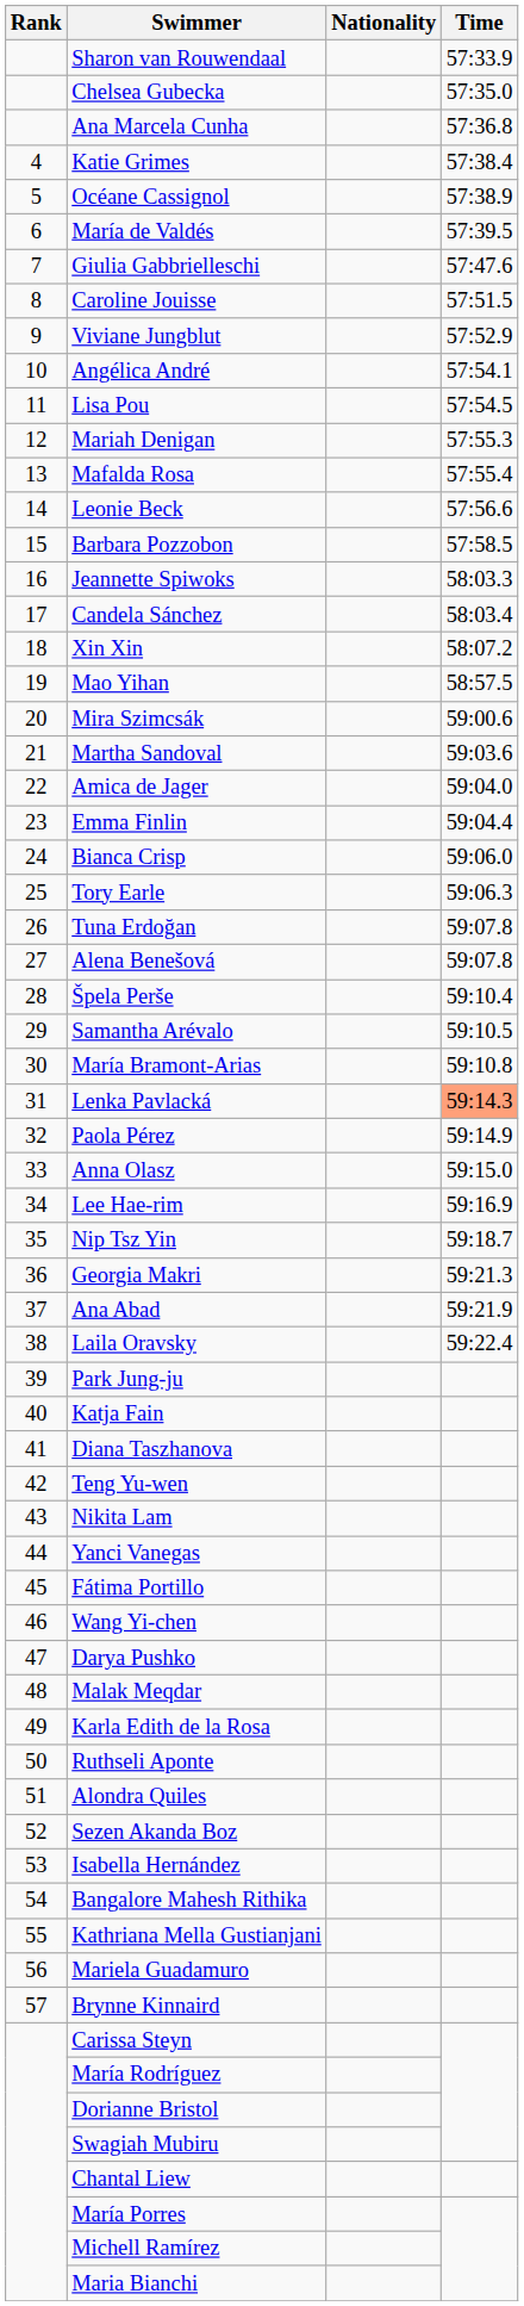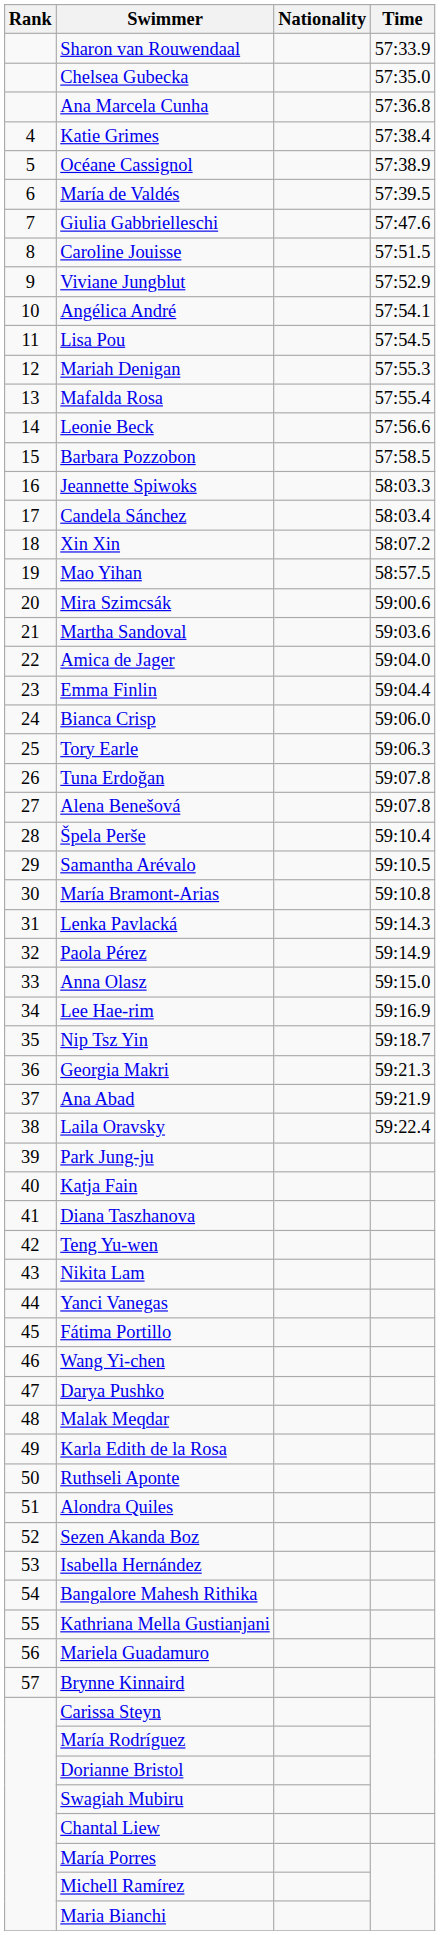 <table class="wikitable sortable" style="text-align:center">
 <tr>
 <th>Rank</th>
 <th>Swimmer</th>
 <th>Nationality</th>
 <th>Time</th>
 </tr>
 <tr>
 <td></td>
 <td align=left><a href='#'>Sharon van Rouwendaal</a></td>
 <td align=left></td>
 <td>57:33.9</td>
 </tr>
 <tr>
 <td></td>
 <td align=left><a href='#'>Chelsea Gubecka</a></td>
 <td align=left></td>
 <td>57:35.0</td>
 </tr>
 <tr>
 <td></td>
 <td align=left><a href='#'>Ana Marcela Cunha</a></td>
 <td align=left></td>
 <td>57:36.8</td>
 </tr>
 <tr>
 <td>4</td>
 <td align=left><a href='#'>Katie Grimes</a></td>
 <td align=left></td>
 <td>57:38.4</td>
 </tr>
 <tr>
 <td>5</td>
 <td align=left><a href='#'>Océane Cassignol</a></td>
 <td align=left></td>
 <td>57:38.9</td>
 </tr>
 <tr>
 <td>6</td>
 <td align=left><a href='#'>María de Valdés</a></td>
 <td align=left></td>
 <td>57:39.5</td>
 </tr>
 <tr>
 <td>7</td>
 <td align=left><a href='#'>Giulia Gabbrielleschi</a></td>
 <td align=left></td>
 <td>57:47.6</td>
 </tr>
 <tr>
 <td>8</td>
 <td align=left><a href='#'>Caroline Jouisse</a></td>
 <td align=left></td>
 <td>57:51.5</td>
 </tr>
 <tr>
 <td>9</td>
 <td align=left><a href='#'>Viviane Jungblut</a></td>
 <td align=left></td>
 <td>57:52.9</td>
 </tr>
 <tr>
 <td>10</td>
 <td align=left><a href='#'>Angélica André</a></td>
 <td align=left></td>
 <td>57:54.1</td>
 </tr>
 <tr>
 <td>11</td>
 <td align=left><a href='#'>Lisa Pou</a></td>
 <td align=left></td>
 <td>57:54.5</td>
 </tr>
 <tr>
 <td>12</td>
 <td align=left><a href='#'>Mariah Denigan</a></td>
 <td align=left></td>
 <td>57:55.3</td>
 </tr>
 <tr>
 <td>13</td>
 <td align=left><a href='#'>Mafalda Rosa</a></td>
 <td align=left></td>
 <td>57:55.4</td>
 </tr>
 <tr>
 <td>14</td>
 <td align=left><a href='#'>Leonie Beck</a></td>
 <td align=left></td>
 <td>57:56.6</td>
 </tr>
 <tr>
 <td>15</td>
 <td align=left><a href='#'>Barbara Pozzobon</a></td>
 <td align=left></td>
 <td>57:58.5</td>
 </tr>
 <tr>
 <td>16</td>
 <td align=left><a href='#'>Jeannette Spiwoks</a></td>
 <td align=left></td>
 <td>58:03.3</td>
 </tr>
 <tr>
 <td>17</td>
 <td align=left><a href='#'>Candela Sánchez</a></td>
 <td align=left></td>
 <td>58:03.4</td>
 </tr>
 <tr>
 <td>18</td>
 <td align=left><a href='#'>Xin Xin</a></td>
 <td align=left></td>
 <td>58:07.2</td>
 </tr>
 <tr>
 <td>19</td>
 <td align=left><a href='#'>Mao Yihan</a></td>
 <td align=left></td>
 <td>58:57.5</td>
 </tr>
 <tr>
 <td>20</td>
 <td align=left><a href='#'>Mira Szimcsák</a></td>
 <td align=left></td>
 <td>59:00.6</td>
 </tr>
 <tr>
 <td>21</td>
 <td align=left><a href='#'>Martha Sandoval</a></td>
 <td align=left></td>
 <td>59:03.6</td>
 </tr>
 <tr>
 <td>22</td>
 <td align=left><a href='#'>Amica de Jager</a></td>
 <td align=left></td>
 <td>59:04.0</td>
 </tr>
 <tr>
 <td>23</td>
 <td align=left><a href='#'>Emma Finlin</a></td>
 <td align=left></td>
 <td>59:04.4</td>
 </tr>
 <tr>
 <td>24</td>
 <td align=left><a href='#'>Bianca Crisp</a></td>
 <td align=left></td>
 <td>59:06.0</td>
 </tr>
 <tr>
 <td>25</td>
 <td align=left><a href='#'>Tory Earle</a></td>
 <td align=left></td>
 <td>59:06.3</td>
 </tr>
 <tr>
 <td>26</td>
 <td align=left><a href='#'>Tuna Erdoğan</a></td>
 <td align=left></td>
 <td>59:07.8</td>
 </tr>
 <tr>
 <td>27</td>
 <td align=left><a href='#'>Alena Benešová</a></td>
 <td align=left></td>
 <td>59:07.8</td>
 </tr>
 <tr>
 <td>28</td>
 <td align=left><a href='#'>Špela Perše</a></td>
 <td align=left></td>
 <td>59:10.4</td>
 </tr>
 <tr>
 <td>29</td>
 <td align=left><a href='#'>Samantha Arévalo</a></td>
 <td align=left></td>
 <td>59:10.5</td>
 </tr>
 <tr>
 <td>30</td>
 <td align=left><a href='#'>María Bramont-Arias</a></td>
 <td align=left></td>
 <td>59:10.8</td>
 </tr>
 <tr>
 <td>31</td>
 <td align=left><a href='#'>Lenka Pavlacká</a></td>
 <td align=left></td>
-<td style="background: lightsalmon;">59:14.3</td>
+<td>59:14.3</td>
 </tr>
 <tr>
 <td>32</td>
 <td align=left><a href='#'>Paola Pérez</a></td>
 <td align=left></td>
 <td>59:14.9</td>
 </tr>
 <tr>
 <td>33</td>
 <td align=left><a href='#'>Anna Olasz</a></td>
 <td align=left></td>
 <td>59:15.0</td>
 </tr>
 <tr>
 <td>34</td>
 <td align=left><a href='#'>Lee Hae-rim</a></td>
 <td align=left></td>
 <td>59:16.9</td>
 </tr>
 <tr>
 <td>35</td>
 <td align=left><a href='#'>Nip Tsz Yin</a></td>
 <td align=left></td>
 <td>59:18.7</td>
 </tr>
 <tr>
 <td>36</td>
 <td align=left><a href='#'>Georgia Makri</a></td>
 <td align=left></td>
 <td>59:21.3</td>
 </tr>
 <tr>
 <td>37</td>
 <td align=left><a href='#'>Ana Abad</a></td>
 <td align=left></td>
 <td>59:21.9</td>
 </tr>
 <tr>
 <td>38</td>
 <td align=left><a href='#'>Laila Oravsky</a></td>
 <td align=left></td>
 <td>59:22.4</td>
 </tr>
 <tr>
 <td>39</td>
 <td align=left><a href='#'>Park Jung-ju</a></td>
 <td align=left></td>
 <td></td>
 </tr>
 <tr>
 <td>40</td>
 <td align=left><a href='#'>Katja Fain</a></td>
 <td align=left></td>
 <td></td>
 </tr>
 <tr>
 <td>41</td>
 <td align=left><a href='#'>Diana Taszhanova</a></td>
 <td align=left></td>
 <td></td>
 </tr>
 <tr>
 <td>42</td>
 <td align=left><a href='#'>Teng Yu-wen</a></td>
 <td align=left></td>
 <td></td>
 </tr>
 <tr>
 <td>43</td>
 <td align=left><a href='#'>Nikita Lam</a></td>
 <td align=left></td>
 <td></td>
 </tr>
 <tr>
 <td>44</td>
 <td align=left><a href='#'>Yanci Vanegas</a></td>
 <td align=left></td>
 <td></td>
 </tr>
 <tr>
 <td>45</td>
 <td align=left><a href='#'>Fátima Portillo</a></td>
 <td align=left></td>
 <td></td>
 </tr>
 <tr>
 <td>46</td>
 <td align=left><a href='#'>Wang Yi-chen</a></td>
 <td align=left></td>
 <td></td>
 </tr>
 <tr>
 <td>47</td>
 <td align=left><a href='#'>Darya Pushko</a></td>
 <td align=left></td>
 <td></td>
 </tr>
 <tr>
 <td>48</td>
 <td align=left><a href='#'>Malak Meqdar</a></td>
 <td align=left></td>
 <td></td>
 </tr>
 <tr>
 <td>49</td>
 <td align=left><a href='#'>Karla Edith de la Rosa</a></td>
 <td align=left></td>
 <td></td>
 </tr>
 <tr>
 <td>50</td>
 <td align=left><a href='#'>Ruthseli Aponte</a></td>
 <td align=left></td>
 <td></td>
 </tr>
 <tr>
 <td>51</td>
 <td align=left><a href='#'>Alondra Quiles</a></td>
 <td align=left></td>
 <td></td>
 </tr>
 <tr>
 <td>52</td>
 <td align=left><a href='#'>Sezen Akanda Boz</a></td>
 <td align=left></td>
 <td></td>
 </tr>
 <tr>
 <td>53</td>
 <td align=left><a href='#'>Isabella Hernández</a></td>
 <td align=left></td>
 <td></td>
 </tr>
 <tr>
 <td>54</td>
 <td align=left><a href='#'>Bangalore Mahesh Rithika</a></td>
 <td align=left></td>
 <td></td>
 </tr>
 <tr>
 <td>55</td>
 <td align=left><a href='#'>Kathriana Mella Gustianjani</a></td>
 <td align=left></td>
 <td></td>
 </tr>
 <tr>
 <td>56</td>
 <td align=left><a href='#'>Mariela Guadamuro</a></td>
 <td align=left></td>
 <td></td>
 </tr>
 <tr>
 <td>57</td>
 <td align=left><a href='#'>Brynne Kinnaird</a></td>
 <td align=left></td>
 <td></td>
 </tr>
 <tr>
 <td rowspan=8></td>
 <td align=left><a href='#'>Carissa Steyn</a></td>
 <td align=left></td>
 <td rowspan=4></td>
 </tr>
 <tr>
 <td align=left><a href='#'>María Rodríguez</a></td>
 <td align=left></td>
 </tr>
 <tr>
 <td align=left><a href='#'>Dorianne Bristol</a></td>
 <td align=left></td>
 </tr>
 <tr>
 <td align=left><a href='#'>Swagiah Mubiru</a></td>
 <td align=left></td>
 </tr>
 <tr>
 <td align=left><a href='#'>Chantal Liew</a></td>
 <td align=left></td>
 <td></td>
 </tr>
 <tr>
 <td align=left><a href='#'>María Porres</a></td>
 <td align=left></td>
 <td rowspan=3></td>
 </tr>
 <tr>
 <td align=left><a href='#'>Michell Ramírez</a></td>
 <td align=left></td>
 </tr>
 <tr>
 <td align=left><a href='#'>Maria Bianchi</a></td>
 <td align=left></td>
 </tr>
 </table>
